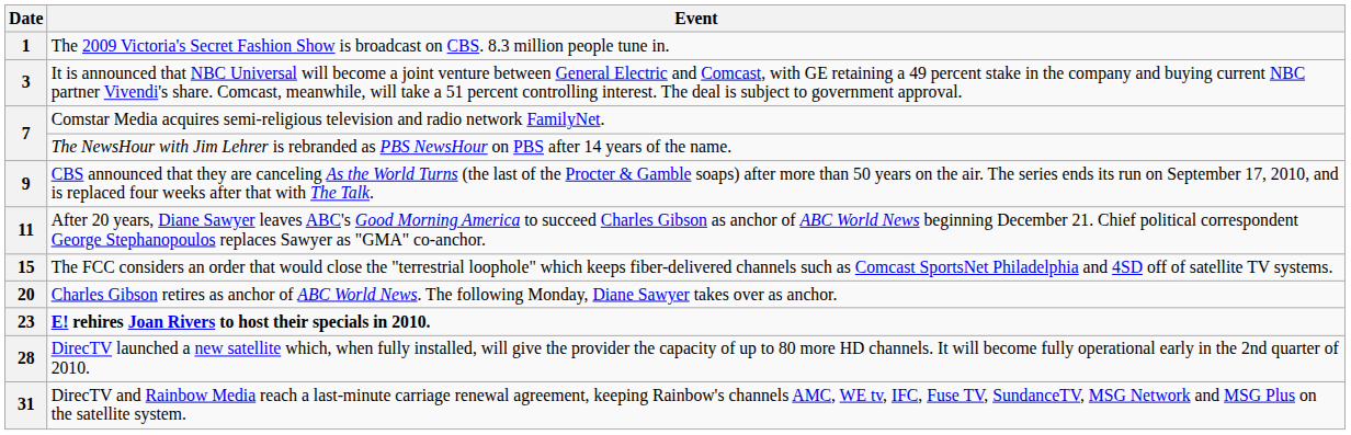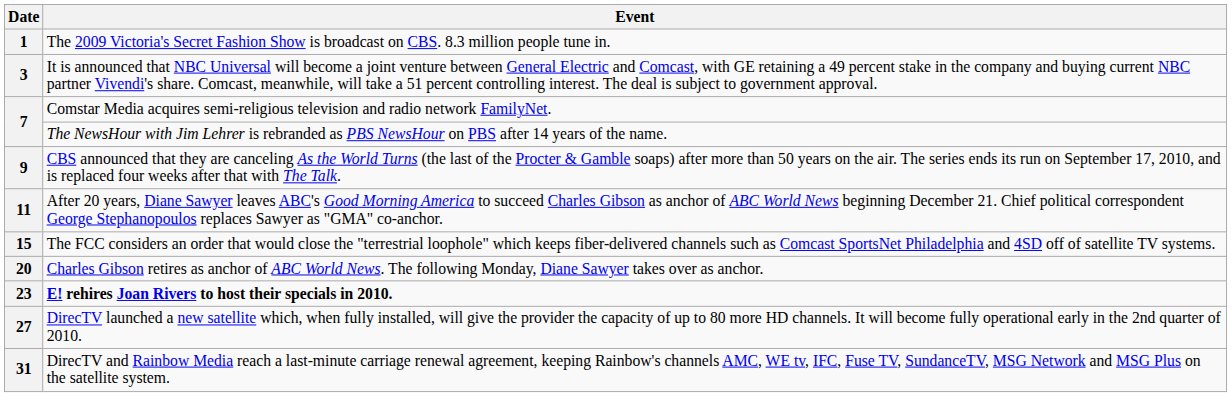 <table class="wikitable">
 <tr>
 <th>Date</th>
 <th>Event</th>
 </tr>
 <tr>
 <th>1</th>
 <td>The <a href='#'>2009 Victoria's Secret Fashion Show</a> is broadcast on <a href='#'>CBS</a>. 8.3 million people tune in.</td>
 </tr>
 <tr>
 <th>3</th>
 <td>It is announced that <a href='#'>NBC Universal</a> will become a joint venture between <a href='#'>General Electric</a> and <a href='#'>Comcast</a>, with GE retaining a 49 percent stake in the company and buying current <a href='#'>NBC</a> partner <a href='#'>Vivendi</a>'s share. Comcast, meanwhile, will take a 51 percent controlling interest. The deal is subject to government approval.</td>
 </tr>
 <tr>
 <th rowspan="2">7</th>
 <td>Comstar Media acquires semi-religious television and radio network <a href='#'>FamilyNet</a>.</td>
 </tr>
 <tr>
 <td><em>The NewsHour with Jim Lehrer</em> is rebranded as <em><a href='#'>PBS NewsHour</a></em> on <a href='#'>PBS</a> after 14 years of the name.</td>
 </tr>
 <tr>
 <th>9</th>
 <td><a href='#'>CBS</a> announced that they are canceling <em><a href='#'>As the World Turns</a></em> (the last of the <a href='#'>Procter & Gamble</a> soaps) after more than 50 years on the air. The series ends its run on September 17, 2010, and is replaced four weeks after that with <em><a href='#'>The Talk</a></em>.</td>
 </tr>
 <tr>
 <th>11</th>
 <td>After 20 years, <a href='#'>Diane Sawyer</a> leaves <a href='#'>ABC</a>'s <em><a href='#'>Good Morning America</a></em> to succeed <a href='#'>Charles Gibson</a> as anchor of <em><a href='#'>ABC World News</a></em> beginning December 21. Chief political correspondent <a href='#'>George Stephanopoulos</a> replaces Sawyer as "GMA" co-anchor.</td>
 </tr>
 <tr>
 <th>15</th>
 <td>The FCC considers an order that would close the "terrestrial loophole" which keeps fiber-delivered channels such as <a href='#'>Comcast SportsNet Philadelphia</a> and <a href='#'>4SD</a> off of satellite TV systems.</td>
 </tr>
 <tr>
 <th>20</th>
 <td><a href='#'>Charles Gibson</a> retires as anchor of <em><a href='#'>ABC World News</a></em>. The following Monday, <a href='#'>Diane Sawyer</a> takes over as anchor.</td>
 </tr>
 <tr>
 <th>23</th>
 <td><strong><a href='#'>E!</a> rehires <a href='#'>Joan Rivers</a> to host their specials in 2010.</strong></td>
 </tr>
 <tr>
-<th>28</th>
+<th>27</th>
 <td><a href='#'>DirecTV</a> launched a <a href='#'>new satellite</a> which, when fully installed, will give the provider the capacity of up to 80 more HD channels. It will become fully operational early in the 2nd quarter of 2010.</td>
 </tr>
 <tr>
 <th>31</th>
 <td>DirecTV and <a href='#'>Rainbow Media</a> reach a last-minute carriage renewal agreement, keeping Rainbow's channels <a href='#'>AMC</a>, <a href='#'>WE tv</a>, <a href='#'>IFC</a>, <a href='#'>Fuse TV</a>, <a href='#'>SundanceTV</a>, <a href='#'>MSG Network</a> and <a href='#'>MSG Plus</a> on the satellite system.</td>
 </tr>
 </table>
